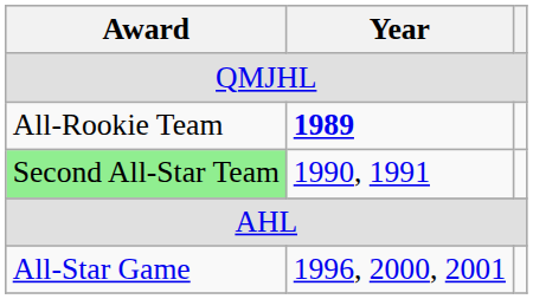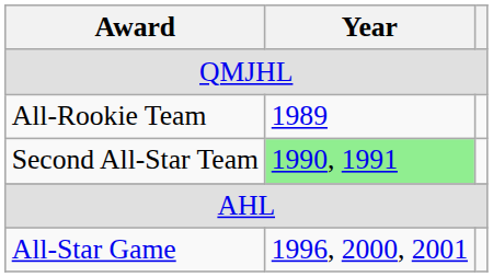 <table class="wikitable">
 <tr>
 <th>Award</th>
 <th>Year</th>
 <th></th>
 </tr>
 <tr ALIGN="center" bgcolor="#e0e0e0">
 <td colspan="3"><a href='#'>QMJHL</a></td>
 </tr>
 <tr>
 <td>All-Rookie Team</td>
-<td><strong><a href='#'>1989</a></strong></td>
+<td><a href='#'>1989</a></td>
 <td></td>
 </tr>
 <tr>
-<td style="background: lightgreen;">Second All-Star Team</td>
-<td><a href='#'>1990</a>, <a href='#'>1991</a></td>
+<td>Second All-Star Team</td>
+<td style="background: lightgreen;"><a href='#'>1990</a>, <a href='#'>1991</a></td>
 <td></td>
 </tr>
 <tr ALIGN="center" bgcolor="#e0e0e0">
 <td colspan="3"><a href='#'>AHL</a></td>
 </tr>
 <tr>
 <td><a href='#'>All-Star Game</a></td>
 <td><a href='#'>1996</a>, <a href='#'>2000</a>, <a href='#'>2001</a></td>
 <td></td>
 </tr>
 </table>
